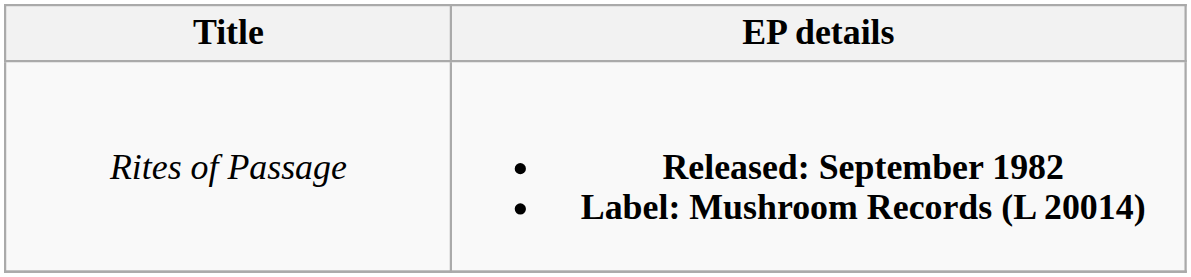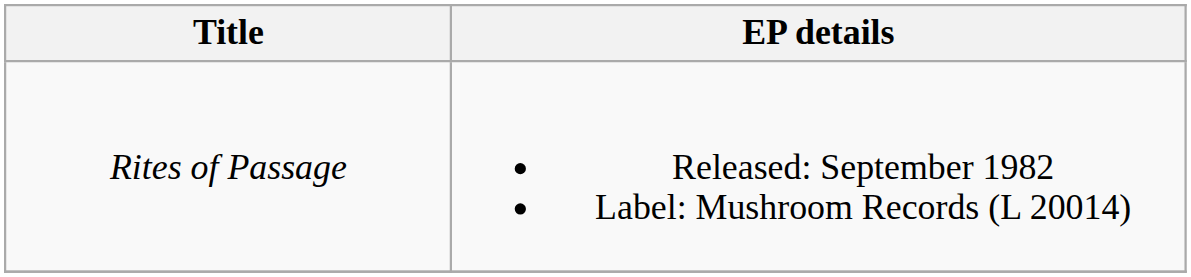 <table class="wikitable plainrowheaders" style="text-align:center;" border="1">
 <tr>
 <th scope="col" rowspan="1" style="width:12em;">Title</th>
 <th scope="col" rowspan="1" style="width:20em;">EP details</th>
 </tr>
 <tr>
 <td><em>Rites of Passage</em></td>
-<td><strong><br><ul><li>Released: September 1982</li><li>Label: Mushroom Records (L 20014)</li></ul></strong></td>
+<td><br><ul><li>Released: September 1982</li><li>Label: Mushroom Records (L 20014)</li></ul></td>
 </tr>
 <tr>
 </tr>
 </table>
